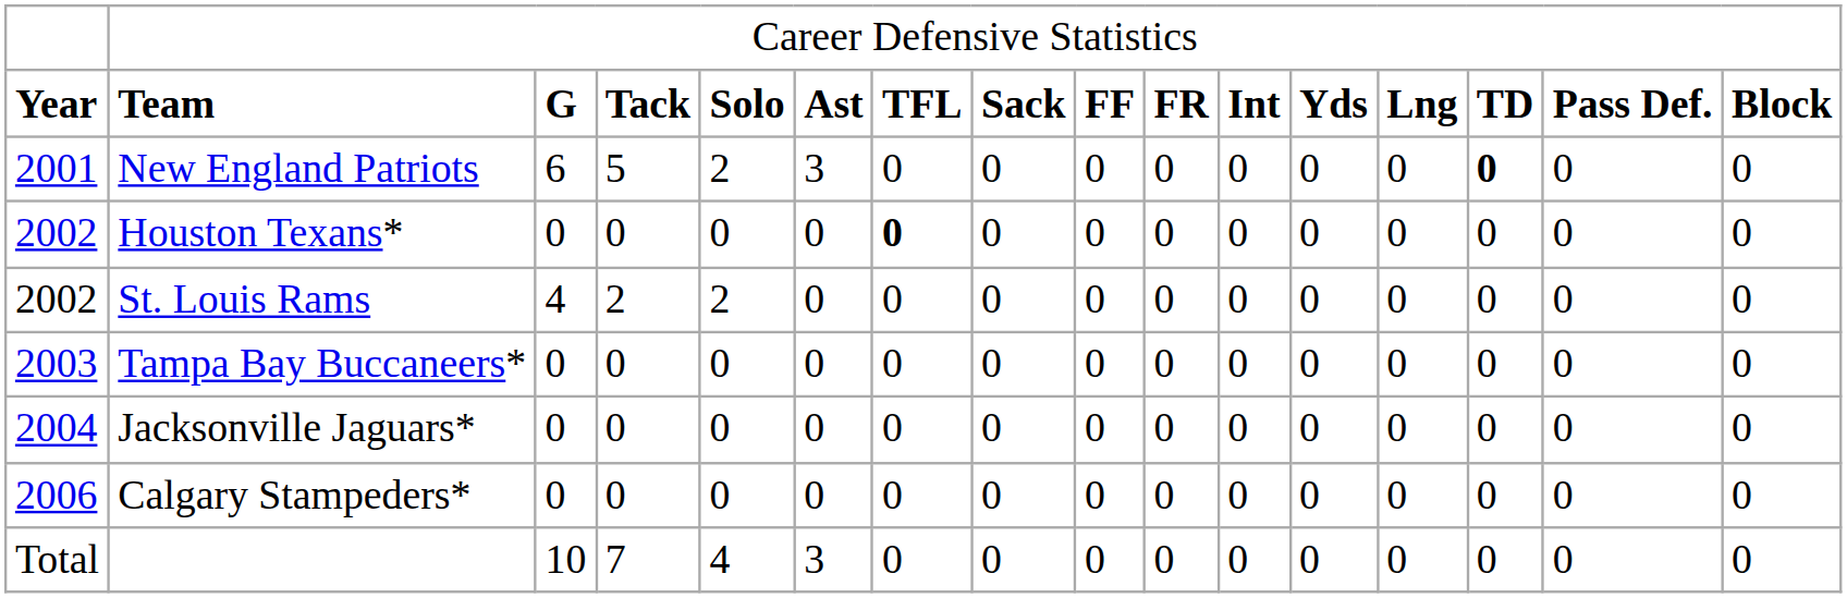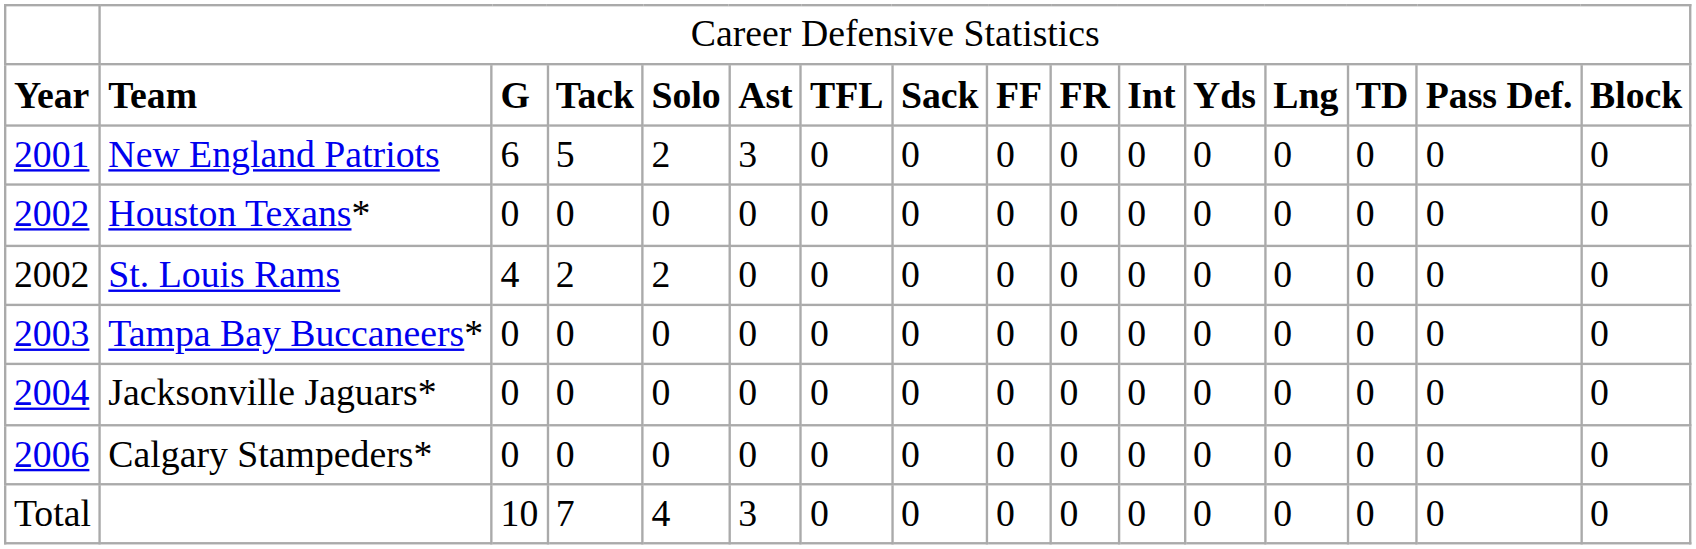 <table class="wikitable" border=0 style="background: #FFFFFF;">
 <tr>
 <td colspan=1></td>
 <td colspan=15 align="center">Career Defensive Statistics</td>
 </tr>
 <tr>
 <td><strong>Year</strong></td>
 <td><strong>Team</strong></td>
 <td><strong>G</strong></td>
 <td><strong>Tack</strong></td>
 <td><strong>Solo</strong></td>
 <td><strong>Ast</strong></td>
 <td><strong>TFL</strong></td>
 <td><strong>Sack</strong></td>
 <td><strong>FF</strong></td>
 <td><strong>FR</strong></td>
 <td><strong>Int</strong></td>
 <td><strong>Yds</strong></td>
 <td><strong>Lng</strong></td>
 <td><strong>TD</strong></td>
 <td><strong>Pass Def.</strong></td>
 <td><strong>Block</strong></td>
 </tr>
 <tr>
 <td><a href='#'>2001</a></td>
 <td><a href='#'>New England Patriots</a></td>
 <td>6</td>
 <td>5</td>
 <td>2</td>
 <td>3</td>
 <td>0</td>
 <td>0</td>
 <td>0</td>
 <td>0</td>
 <td>0</td>
 <td>0</td>
 <td>0</td>
-<td><strong>0</strong></td>
+<td>0</td>
 <td>0</td>
 <td>0</td>
 </tr>
 <tr>
 <td><a href='#'>2002</a></td>
 <td><a href='#'>Houston Texans</a>*</td>
 <td>0</td>
 <td>0</td>
 <td>0</td>
 <td>0</td>
-<td><strong>0</strong></td>
+<td>0</td>
 <td>0</td>
 <td>0</td>
 <td>0</td>
 <td>0</td>
 <td>0</td>
 <td>0</td>
 <td>0</td>
 <td>0</td>
 <td>0</td>
 </tr>
 <tr>
 <td>2002</td>
 <td><a href='#'>St. Louis Rams</a></td>
 <td>4</td>
 <td>2</td>
 <td>2</td>
 <td>0</td>
 <td>0</td>
 <td>0</td>
 <td>0</td>
 <td>0</td>
 <td>0</td>
 <td>0</td>
 <td>0</td>
 <td>0</td>
 <td>0</td>
 <td>0</td>
 </tr>
 <tr>
 <td><a href='#'>2003</a></td>
 <td><a href='#'>Tampa Bay Buccaneers</a>*</td>
 <td>0</td>
 <td>0</td>
 <td>0</td>
 <td>0</td>
 <td>0</td>
 <td>0</td>
 <td>0</td>
 <td>0</td>
 <td>0</td>
 <td>0</td>
 <td>0</td>
 <td>0</td>
 <td>0</td>
 <td>0</td>
 </tr>
 <tr>
 <td><a href='#'>2004</a></td>
 <td>Jacksonville Jaguars*</td>
 <td>0</td>
 <td>0</td>
 <td>0</td>
 <td>0</td>
 <td>0</td>
 <td>0</td>
 <td>0</td>
 <td>0</td>
 <td>0</td>
 <td>0</td>
 <td>0</td>
 <td>0</td>
 <td>0</td>
 <td>0</td>
 </tr>
 <tr>
 <td><a href='#'>2006</a></td>
 <td>Calgary Stampeders*</td>
 <td>0</td>
 <td>0</td>
 <td>0</td>
 <td>0</td>
 <td>0</td>
 <td>0</td>
 <td>0</td>
 <td>0</td>
 <td>0</td>
 <td>0</td>
 <td>0</td>
 <td>0</td>
 <td>0</td>
 <td>0</td>
 </tr>
 <tr>
 <td>Total</td>
 <td></td>
 <td>10</td>
 <td>7</td>
 <td>4</td>
 <td>3</td>
 <td>0</td>
 <td>0</td>
 <td>0</td>
 <td>0</td>
 <td>0</td>
 <td>0</td>
 <td>0</td>
 <td>0</td>
 <td>0</td>
 <td>0</td>
 </tr>
 </table>
